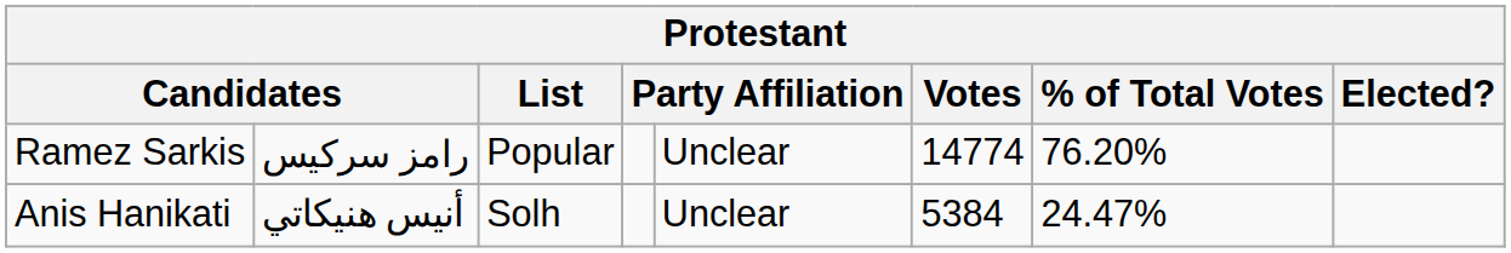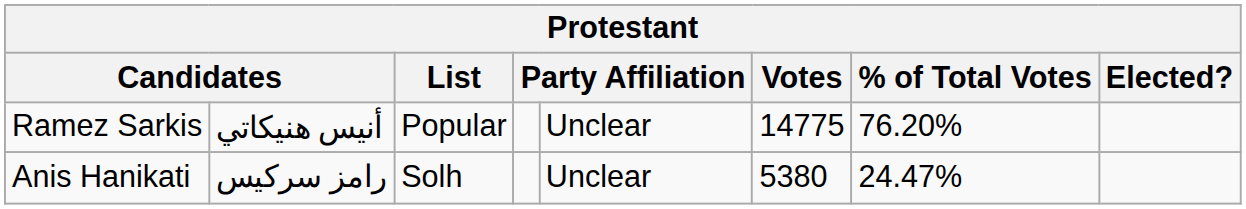 <table class="wikitable sortable">
 <tr>
 <th colspan="8">Protestant</th>
 </tr>
 <tr>
 <th colspan="2">Candidates</th>
 <th>List</th>
 <th colspan="2">Party Affiliation</th>
 <th>Votes</th>
 <th>% of Total Votes</th>
 <th>Elected?</th>
 </tr>
 <tr>
 <td>Ramez Sarkis</td>
-<td>رامز سركيس</td>
+<td>أنيس هنيكاتي</td>
 <td>Popular</td>
 <td style="background: "></td>
 <td>Unclear</td>
-<td>14774</td>
+<td>14775</td>
 <td>76.20%</td>
 <td></td>
 </tr>
 <tr>
 <td>Anis Hanikati</td>
-<td>أنيس هنيكاتي</td>
+<td>رامز سركيس</td>
 <td>Solh</td>
 <td style="background: "></td>
 <td>Unclear</td>
-<td>5384</td>
+<td>5380</td>
 <td>24.47%</td>
 <td></td>
 </tr>
 </table>
